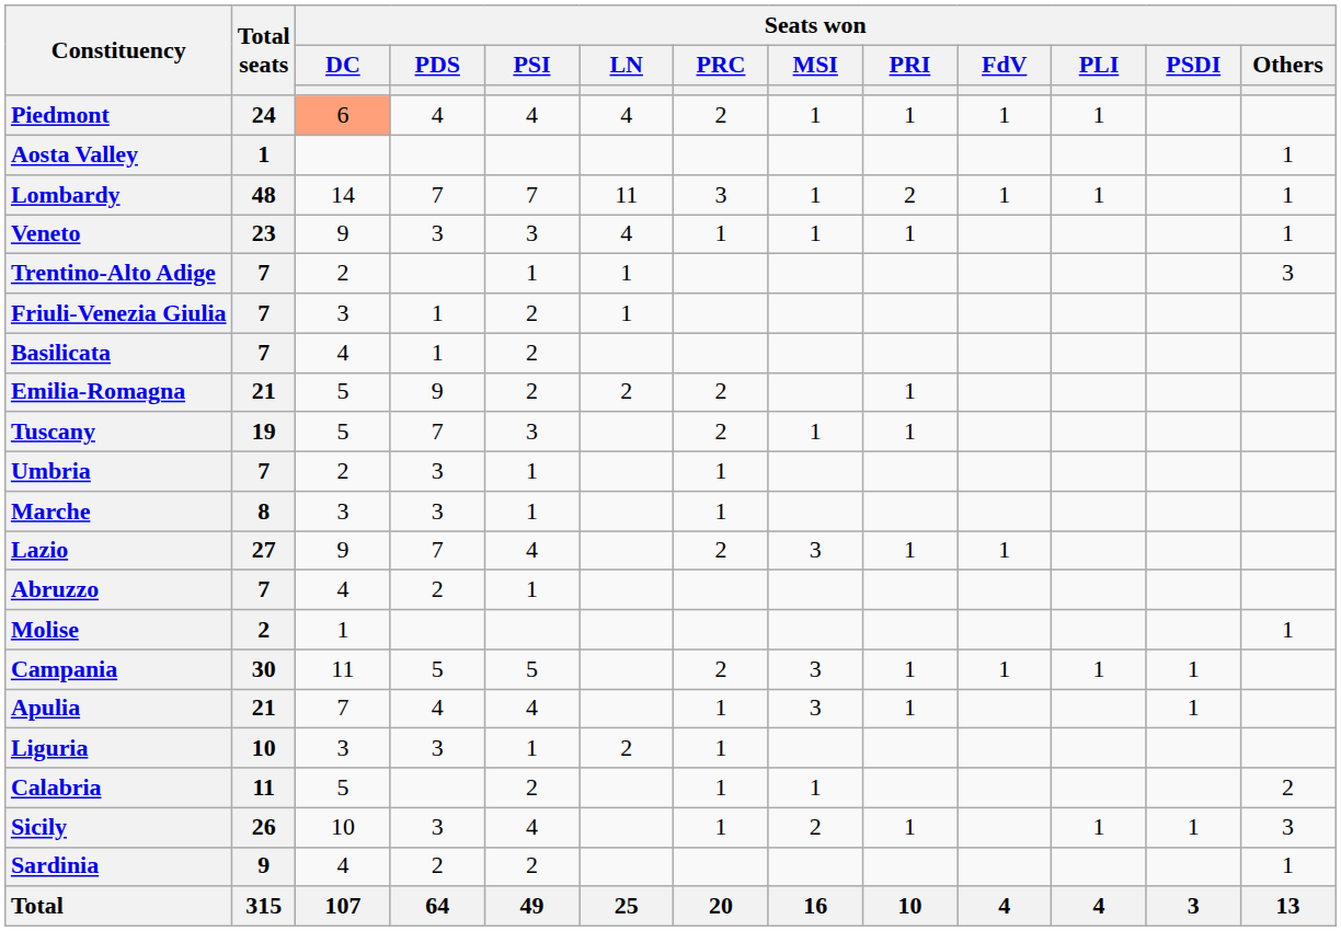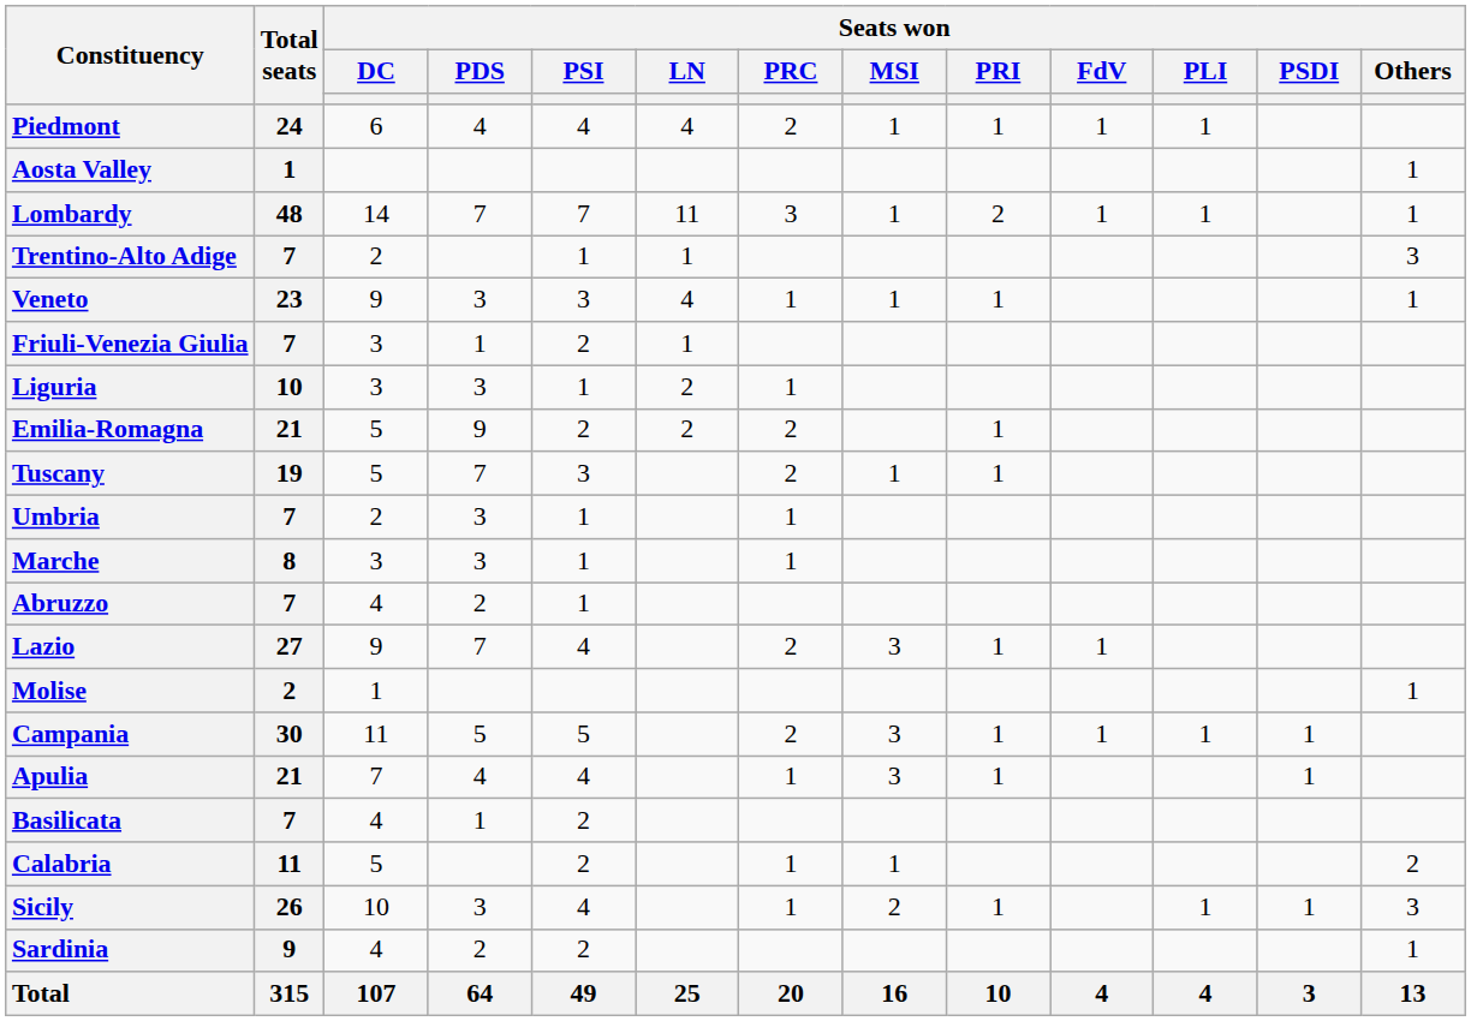 <table class="wikitable" style="text-align:center; font-size: 0.9em">
 <tr>
 <th rowspan="3">Constituency</th>
 <th rowspan="3">Total<br>seats</th>
 <th colspan="11">Seats won</th>
 </tr>
 <tr>
 <th class="unsortable" style="width:50px;"><a href='#'>DC</a></th>
 <th class="unsortable" style="width:50px;"><a href='#'>PDS</a></th>
 <th class="unsortable" style="width:50px;"><a href='#'>PSI</a></th>
 <th class="unsortable" style="width:50px;"><a href='#'>LN</a></th>
 <th class="unsortable" style="width:50px;"><a href='#'>PRC</a></th>
 <th class="unsortable" style="width:50px;"><a href='#'>MSI</a></th>
 <th class="unsortable" style="width:50px;"><a href='#'>PRI</a></th>
 <th class="unsortable" style="width:50px;"><a href='#'>FdV</a></th>
 <th class="unsortable" style="width:50px;"><a href='#'>PLI</a></th>
 <th class="unsortable" style="width:50px;"><a href='#'>PSDI</a></th>
 <th class="unsortable" style="width:50px;">Others</th>
 </tr>
 <tr>
 <th style="background:"></th>
 <th style="background:"></th>
 <th style="background:"></th>
 <th style="background:"></th>
 <th style="background:"></th>
 <th style="background:"></th>
 <th style="background:"></th>
 <th style="background:"></th>
 <th style="background:"></th>
 <th style="background:"></th>
 <th style="background:"></th>
 </tr>
 <tr>
 <th style="text-align: left;"><a href='#'>Piedmont</a></th>
 <th>24</th>
-<td style="background: lightsalmon;">6</td>
+<td>6</td>
 <td>4</td>
 <td>4</td>
 <td>4</td>
 <td>2</td>
 <td>1</td>
 <td>1</td>
 <td>1</td>
 <td>1</td>
 <td></td>
 <td></td>
 </tr>
 <tr>
 <th style="text-align: left;"><a href='#'>Aosta Valley</a></th>
 <th>1</th>
 <td></td>
 <td></td>
 <td></td>
 <td></td>
 <td></td>
 <td></td>
 <td></td>
 <td></td>
 <td></td>
 <td></td>
 <td>1</td>
 </tr>
 <tr>
 <th style="text-align: left;"><a href='#'>Lombardy</a></th>
 <th>48</th>
 <td>14</td>
 <td>7</td>
 <td>7</td>
 <td>11</td>
 <td>3</td>
 <td>1</td>
 <td>2</td>
 <td>1</td>
 <td>1</td>
 <td></td>
 <td>1</td>
 </tr>
 <tr>
+<th style="text-align: left;"><a href='#'>Trentino-Alto Adige</a></th>
+<th>7</th>
+<td>2</td>
+<td></td>
+<td>1</td>
+<td>1</td>
+<td></td>
+<td></td>
+<td></td>
+<td></td>
+<td></td>
+<td></td>
+<td>3</td>
+</tr>
+<tr>
 <th style="text-align: left;"><a href='#'>Veneto</a></th>
 <th>23</th>
 <td>9</td>
 <td>3</td>
 <td>3</td>
 <td>4</td>
 <td>1</td>
 <td>1</td>
 <td>1</td>
 <td></td>
 <td></td>
 <td></td>
 <td>1</td>
-</tr>
-<tr>
-<th style="text-align: left;"><a href='#'>Trentino-Alto Adige</a></th>
-<th>7</th>
-<td>2</td>
-<td></td>
-<td>1</td>
-<td>1</td>
-<td></td>
-<td></td>
-<td></td>
-<td></td>
-<td></td>
-<td></td>
-<td>3</td>
 </tr>
 <tr>
 <th style="text-align: left;"><a href='#'>Friuli-Venezia Giulia</a></th>
 <th>7</th>
 <td>3</td>
 <td>1</td>
 <td>2</td>
 <td>1</td>
 <td></td>
 <td></td>
 <td></td>
 <td></td>
 <td></td>
 <td></td>
 <td></td>
 </tr>
 <tr>
-<th style="text-align: left;"><a href='#'>Basilicata</a></th>
-<th>7</th>
-<td>4</td>
+<th style="text-align: left;"><a href='#'>Liguria</a></th>
+<th>10</th>
+<td>3</td>
+<td>3</td>
 <td>1</td>
 <td>2</td>
-<td></td>
-<td></td>
+<td>1</td>
 <td></td>
 <td></td>
 <td></td>
 <td></td>
 <td></td>
 <td></td>
 </tr>
 <tr>
 <th style="text-align: left;"><a href='#'>Emilia-Romagna</a></th>
 <th>21</th>
 <td>5</td>
 <td>9</td>
 <td>2</td>
 <td>2</td>
 <td>2</td>
 <td></td>
 <td>1</td>
 <td></td>
 <td></td>
 <td></td>
 <td></td>
 </tr>
 <tr>
 <th style="text-align: left;"><a href='#'>Tuscany</a></th>
 <th>19</th>
 <td>5</td>
 <td>7</td>
 <td>3</td>
 <td></td>
 <td>2</td>
 <td>1</td>
 <td>1</td>
 <td></td>
 <td></td>
 <td></td>
 <td></td>
 </tr>
 <tr>
 <th style="text-align: left;"><a href='#'>Umbria</a></th>
 <th>7</th>
 <td>2</td>
 <td>3</td>
 <td>1</td>
 <td></td>
 <td>1</td>
 <td></td>
 <td></td>
 <td></td>
 <td></td>
 <td></td>
 <td></td>
 </tr>
 <tr>
 <th style="text-align: left;"><a href='#'>Marche</a></th>
 <th>8</th>
 <td>3</td>
 <td>3</td>
 <td>1</td>
 <td></td>
 <td>1</td>
 <td></td>
 <td></td>
 <td></td>
 <td></td>
 <td></td>
 <td></td>
 </tr>
 <tr>
+<th style="text-align: left;"><a href='#'>Abruzzo</a></th>
+<th>7</th>
+<td>4</td>
+<td>2</td>
+<td>1</td>
+<td></td>
+<td></td>
+<td></td>
+<td></td>
+<td></td>
+<td></td>
+<td></td>
+<td></td>
+</tr>
+<tr>
 <th style="text-align: left;"><a href='#'>Lazio</a></th>
 <th>27</th>
 <td>9</td>
 <td>7</td>
 <td>4</td>
 <td></td>
 <td>2</td>
 <td>3</td>
 <td>1</td>
 <td>1</td>
-<td></td>
-<td></td>
-<td></td>
-</tr>
-<tr>
-<th style="text-align: left;"><a href='#'>Abruzzo</a></th>
-<th>7</th>
-<td>4</td>
-<td>2</td>
-<td>1</td>
-<td></td>
-<td></td>
-<td></td>
-<td></td>
-<td></td>
 <td></td>
 <td></td>
 <td></td>
 </tr>
 <tr>
 <th style="text-align: left;"><a href='#'>Molise</a></th>
 <th>2</th>
 <td>1</td>
 <td></td>
 <td></td>
 <td></td>
 <td></td>
 <td></td>
 <td></td>
 <td></td>
 <td></td>
 <td></td>
 <td>1</td>
 </tr>
 <tr>
 <th style="text-align: left;"><a href='#'>Campania</a></th>
 <th>30</th>
 <td>11</td>
 <td>5</td>
 <td>5</td>
 <td></td>
 <td>2</td>
 <td>3</td>
 <td>1</td>
 <td>1</td>
 <td>1</td>
 <td>1</td>
 <td></td>
 </tr>
 <tr>
 <th style="text-align: left;"><a href='#'>Apulia</a></th>
 <th>21</th>
 <td>7</td>
 <td>4</td>
 <td>4</td>
 <td></td>
 <td>1</td>
 <td>3</td>
 <td>1</td>
 <td></td>
 <td></td>
 <td>1</td>
 <td></td>
 </tr>
 <tr>
-<th style="text-align: left;"><a href='#'>Liguria</a></th>
-<th>10</th>
-<td>3</td>
-<td>3</td>
+<th style="text-align: left;"><a href='#'>Basilicata</a></th>
+<th>7</th>
+<td>4</td>
 <td>1</td>
 <td>2</td>
-<td>1</td>
+<td></td>
+<td></td>
 <td></td>
 <td></td>
 <td></td>
 <td></td>
 <td></td>
 <td></td>
 </tr>
 <tr>
 <th style="text-align: left;"><a href='#'>Calabria</a></th>
 <th>11</th>
 <td>5</td>
 <td></td>
 <td>2</td>
 <td></td>
 <td>1</td>
 <td>1</td>
 <td></td>
 <td></td>
 <td></td>
 <td></td>
 <td>2</td>
 </tr>
 <tr>
 <th style="text-align: left;"><a href='#'>Sicily</a></th>
 <th>26</th>
 <td>10</td>
 <td>3</td>
 <td>4</td>
 <td></td>
 <td>1</td>
 <td>2</td>
 <td>1</td>
 <td></td>
 <td>1</td>
 <td>1</td>
 <td>3</td>
 </tr>
 <tr>
 <th style="text-align: left;"><a href='#'>Sardinia</a></th>
 <th>9</th>
 <td>4</td>
 <td>2</td>
 <td>2</td>
 <td></td>
 <td></td>
 <td></td>
 <td></td>
 <td></td>
 <td></td>
 <td></td>
 <td>1</td>
 </tr>
 <tr>
 <th style="text-align: left;">Total</th>
 <th>315</th>
 <th>107</th>
 <th>64</th>
 <th>49</th>
 <th>25</th>
 <th>20</th>
 <th>16</th>
 <th>10</th>
 <th>4</th>
 <th>4</th>
 <th>3</th>
 <th>13</th>
 </tr>
 </table>
